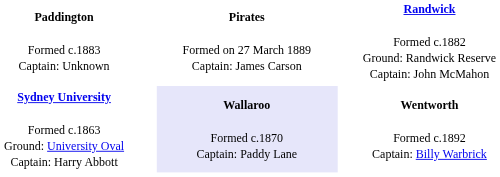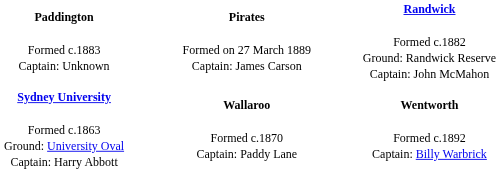 <table class="toccolours" align="center" style="text-valign: center;" cellpadding="3" cellspacing="2">
 <tr>
 <td width="195" align="center"><strong><small>Paddington</small></strong><br><br><small>Formed c.1883</small><strong><br></strong> <small>Captain: Unknown</small></td>
 <td width="195" align="center"><strong><small>Pirates</small></strong><br><br><small>Formed on 27 March 1889</small><strong><br></strong> <small>Captain: James Carson</small></td>
 <td width="195" align="center"><strong><small><a href='#'>Randwick</a></small></strong><br><br><small>Formed c.1882</small><strong><br></strong> <small>Ground: Randwick Reserve</small><strong><br></strong> <small>Captain: John McMahon</small></td>
 </tr>
 <tr>
 <td align="center"><strong><small><a href='#'>Sydney University</a></small></strong><br><br><small>Formed c.1863</small><strong><br></strong> <small>Ground: <a href='#'>University Oval</a></small><strong><br></strong> <small>Captain: Harry Abbott</small></td>
-<td align="center" style="background: lavender;"><strong><small>Wallaroo</small></strong><br><br><small>Formed c.1870</small><strong><br></strong> <small>Captain: Paddy Lane</small></td>
+<td align="center"><strong><small>Wallaroo</small></strong><br><br><small>Formed c.1870</small><strong><br></strong> <small>Captain: Paddy Lane</small></td>
 <td align="center"><strong><small>Wentworth</small></strong><br><br><small>Formed c.1892</small><strong><br></strong> <small>Captain: <a href='#'>Billy Warbrick</a></small></td>
 </tr>
 </table>
